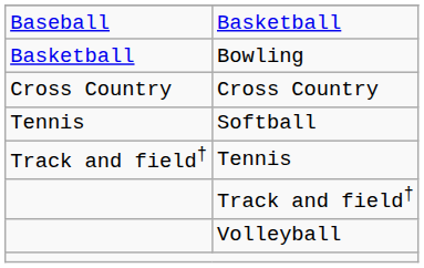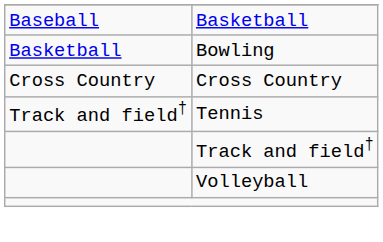 <table class="wikitable" style="float:center">
 <tr>
 </tr>
 <tr>
 <td><a href='#'>Baseball</a></td>
 <td><a href='#'>Basketball</a></td>
 </tr>
 <tr>
 <td><a href='#'>Basketball</a></td>
 <td>Bowling</td>
 </tr>
 <tr>
 <td>Cross Country</td>
 <td>Cross Country</td>
-</tr>
-<tr>
-<td>Tennis</td>
-<td>Softball</td>
 </tr>
 <tr>
 <td>Track and field<sup>†</sup></td>
 <td>Tennis</td>
 </tr>
 <tr>
 <td></td>
 <td>Track and field<sup>†</sup></td>
 </tr>
 <tr>
 <td></td>
 <td>Volleyball</td>
 </tr>
 <tr>
 <td colspan="2"></td>
 </tr>
 </table>
